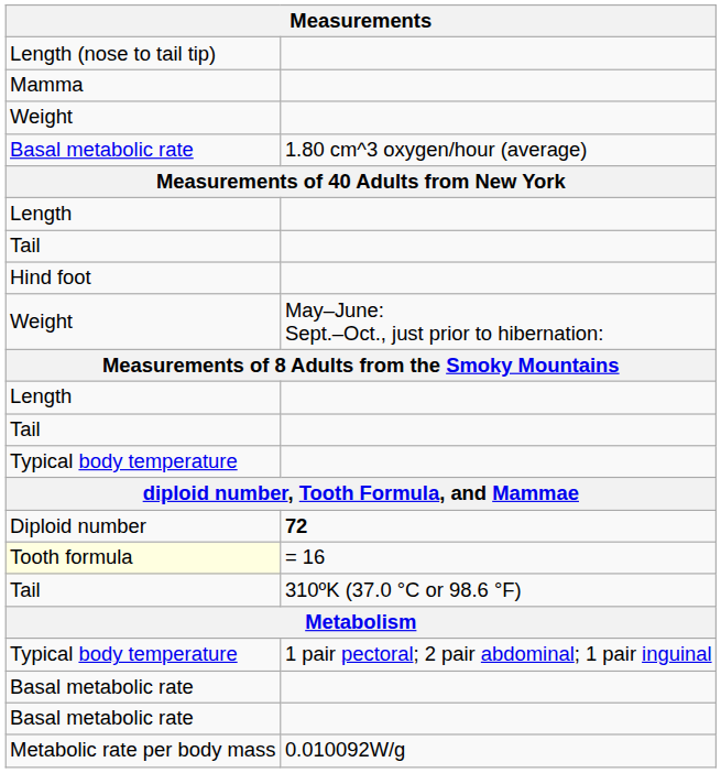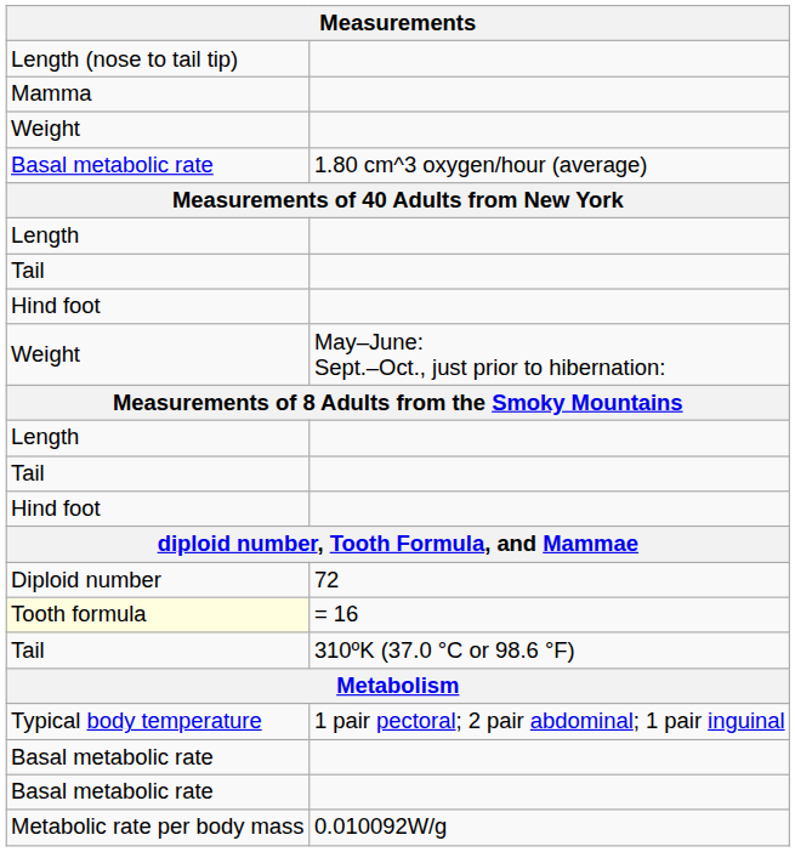 <table class="wikitable" style="margin:1em auto;">
 <tr>
 <th colspan="2">Measurements</th>
 </tr>
 <tr>
 <td>Length (nose to tail tip)</td>
 <td></td>
 </tr>
 <tr>
 <td>Mamma</td>
 <td></td>
 </tr>
 <tr>
 <td>Weight</td>
 <td></td>
 </tr>
 <tr>
 <td><a href='#'>Basal metabolic rate</a></td>
 <td>1.80 cm^3 oxygen/hour (average)</td>
 </tr>
 <tr>
 <th colspan="2">Measurements of 40 Adults from New York</th>
 </tr>
 <tr>
 <td>Length</td>
 <td> </td>
 </tr>
 <tr>
 <td>Tail</td>
 <td> </td>
 </tr>
 <tr>
 <td>Hind foot</td>
 <td> </td>
 </tr>
 <tr>
 <td>Weight</td>
 <td>May–June: <br>Sept.–Oct., just prior to hibernation: </td>
 </tr>
 <tr>
 <th colspan="2">Measurements of 8 Adults from the <a href='#'>Smoky Mountains</a></th>
 </tr>
 <tr>
 <td>Length</td>
 <td> </td>
 </tr>
 <tr>
 <td>Tail</td>
 <td> </td>
 </tr>
 <tr>
-<td>Typical <a href='#'>body temperature</a></td>
+<td>Hind foot</td>
 <td> </td>
 </tr>
 <tr>
 <th colspan="2"><a href='#'>diploid number</a>, <a href='#'>Tooth Formula</a>, and <a href='#'>Mammae</a></th>
 </tr>
 <tr>
 <td>Diploid number</td>
-<td><strong>72</strong></td>
+<td>72</td>
 </tr>
 <tr>
 <td style="background: lightyellow;">Tooth formula</td>
 <td> = 16</td>
 </tr>
 <tr>
 <td>Tail</td>
 <td>310ºK (37.0 °C or 98.6 °F)</td>
 </tr>
 <tr>
 <th colspan="2"><a href='#'>Metabolism</a></th>
 </tr>
 <tr>
 <td>Typical <a href='#'>body temperature</a></td>
 <td>1 pair <a href='#'>pectoral</a>; 2 pair <a href='#'>abdominal</a>; 1 pair <a href='#'>inguinal</a></td>
 </tr>
 <tr>
 <td>Basal metabolic rate</td>
 <td></td>
 </tr>
 <tr>
 <td>Basal metabolic rate</td>
 <td></td>
 </tr>
 <tr>
 <td>Metabolic rate per body mass</td>
 <td>0.010092W/g</td>
 </tr>
 </table>
